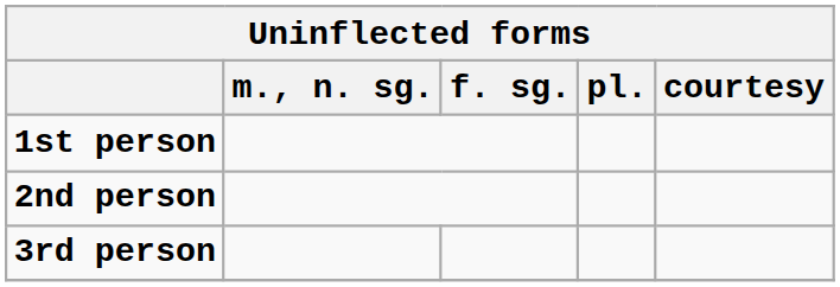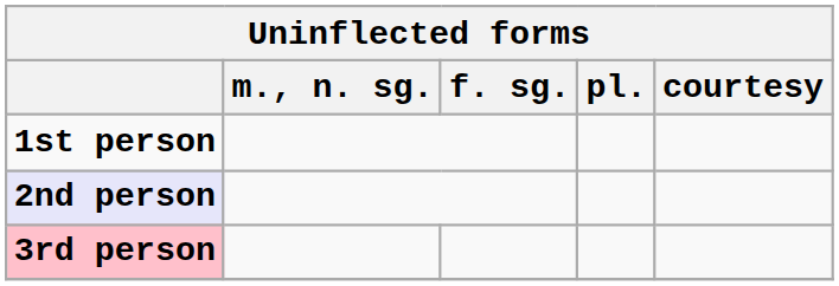 <table class="wikitable">
 <tr>
 <th colspan="5">Uninflected forms</th>
 </tr>
 <tr>
 <th></th>
 <th>m., n. sg.</th>
 <th>f. sg.</th>
 <th>pl.</th>
 <th>courtesy</th>
 </tr>
 <tr>
 <td><strong>1st person</strong></td>
 <td colspan="2" align="center"></td>
 <td></td>
 <td></td>
 </tr>
 <tr>
-<td><strong>2nd person</strong></td>
+<td style="background: lavender;"><strong>2nd person</strong></td>
 <td colspan="2" align="center"></td>
 <td></td>
 <td></td>
 </tr>
 <tr>
-<td><strong>3rd person</strong></td>
+<td style="background: pink;"><strong>3rd person</strong></td>
 <td></td>
 <td></td>
 <td></td>
 <td></td>
 </tr>
 <tr>
 </tr>
 </table>
